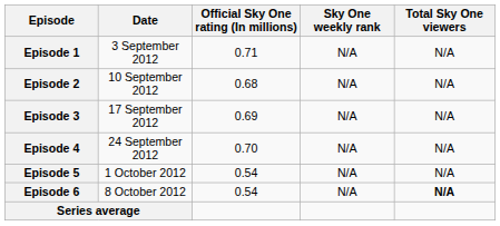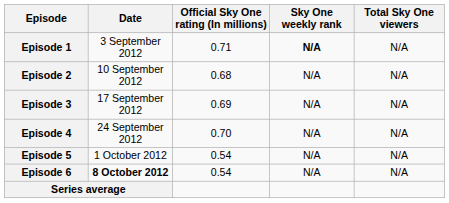 <table class="wikitable sortable" style="text-align:center">
 <tr>
 <th scope="col" style="width:120px;">Episode</th>
 <th scope="col" style="width:120px;">Date</th>
 <th scope="col" style="width:140px;">Official Sky One rating (In millions)</th>
 <th scope="col" style="width:120px;">Sky One weekly rank</th>
 <th scope="col" style="width:130px;">Total Sky One viewers</th>
 </tr>
 <tr>
 <th scope="row">Episode 1</th>
 <td>3 September 2012</td>
 <td>0.71</td>
-<td>N/A</td>
+<td><strong>N/A</strong></td>
 <td>N/A</td>
 </tr>
 <tr>
 <th scope="row">Episode 2</th>
 <td>10 September 2012</td>
 <td>0.68</td>
 <td>N/A</td>
 <td>N/A</td>
 </tr>
 <tr>
 <th scope="row">Episode 3</th>
 <td>17 September 2012</td>
 <td>0.69</td>
 <td>N/A</td>
 <td>N/A</td>
 </tr>
 <tr>
 <th scope="row">Episode 4</th>
 <td>24 September 2012</td>
 <td>0.70</td>
 <td>N/A</td>
 <td>N/A</td>
 </tr>
 <tr>
 <th scope="row">Episode 5</th>
 <td>1 October 2012</td>
 <td>0.54</td>
 <td>N/A</td>
 <td>N/A</td>
 </tr>
 <tr>
 <th scope="row">Episode 6</th>
-<td>8 October 2012</td>
+<td><strong>8 October 2012</strong></td>
 <td>0.54</td>
 <td>N/A</td>
-<td><strong>N/A</strong></td>
+<td>N/A</td>
 </tr>
 <tr>
 <th scope="row" colspan="2">Series average</th>
 <td></td>
 <td></td>
 <td></td>
 </tr>
 </table>
